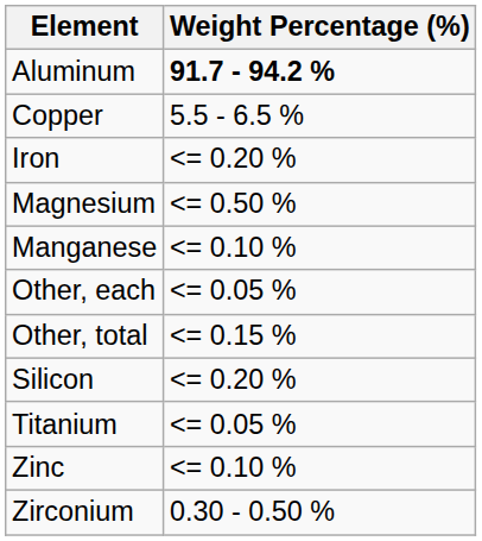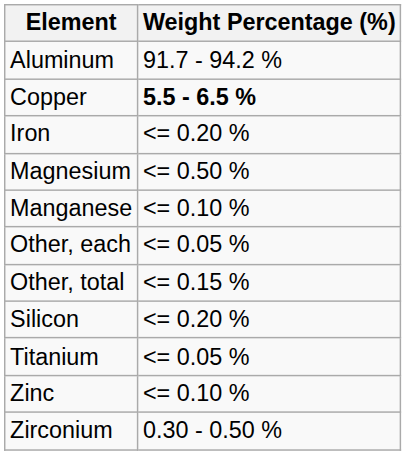 <table class="wikitable">
 <tr>
 <th>Element </th>
 <th>Weight Percentage (%)</th>
 </tr>
 <tr>
 <td>Aluminum</td>
-<td><strong>91.7 - 94.2 %</strong></td>
+<td>91.7 - 94.2 %</td>
 </tr>
 <tr>
 <td>Copper</td>
-<td>5.5 - 6.5 %</td>
+<td><strong>5.5 - 6.5 %</strong></td>
 </tr>
 <tr>
 <td>Iron</td>
 <td><= 0.20 %</td>
 </tr>
 <tr>
 <td>Magnesium</td>
 <td><= 0.50 %</td>
 </tr>
 <tr>
 <td>Manganese</td>
 <td><= 0.10 %</td>
 </tr>
 <tr>
 <td>Other, each</td>
 <td><= 0.05 %</td>
 </tr>
 <tr>
 <td>Other, total</td>
 <td><= 0.15 %</td>
 </tr>
 <tr>
 <td>Silicon</td>
 <td><= 0.20 %</td>
 </tr>
 <tr>
 <td>Titanium</td>
 <td><= 0.05 %</td>
 </tr>
 <tr>
 <td>Zinc</td>
 <td><= 0.10 %</td>
 </tr>
 <tr>
 <td>Zirconium</td>
 <td>0.30 - 0.50 %</td>
 </tr>
 </table>
